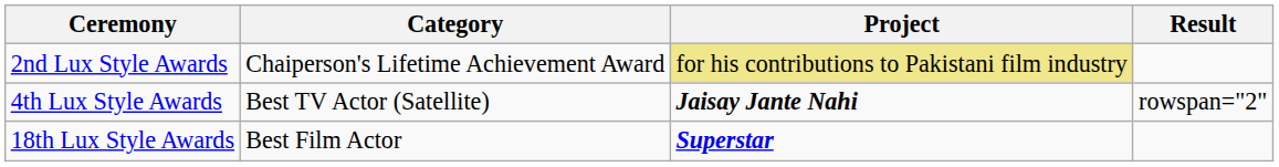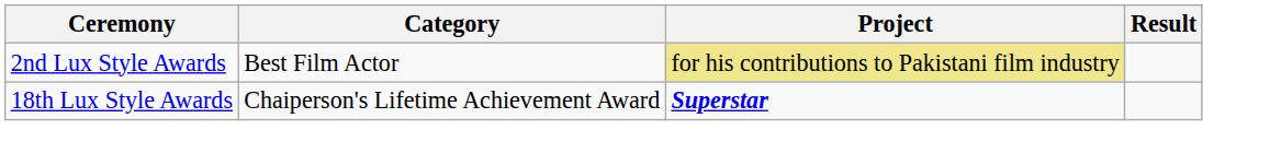 <table class="wikitable style">
 <tr>
 <th>Ceremony</th>
 <th>Category</th>
 <th>Project</th>
 <th>Result</th>
 </tr>
 <tr>
 <td><a href='#'>2nd Lux Style Awards</a></td>
-<td>Chaiperson's Lifetime Achievement Award</td>
+<td>Best Film Actor</td>
 <td style="background: khaki;">for his contributions to Pakistani film industry</td>
 <td></td>
 </tr>
 <tr>
-<td><a href='#'>4th Lux Style Awards</a></td>
-<td>Best TV Actor (Satellite)</td>
-<td><strong><em>Jaisay Jante Nahi</em></strong></td>
-<td>rowspan="2" </td>
-</tr>
-<tr>
 <td><a href='#'>18th Lux Style Awards</a></td>
-<td>Best Film Actor</td>
+<td>Chaiperson's Lifetime Achievement Award</td>
 <td><strong><em><a href='#'>Superstar</a></em></strong></td>
 </tr>
 </table>
